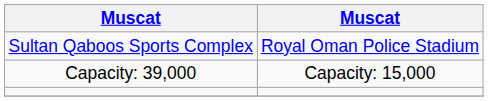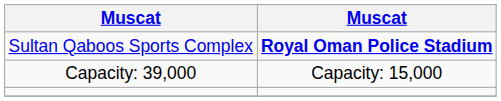 <table class="wikitable" style="text-align:center">
 <tr>
 <th><a href='#'>Muscat</a></th>
 <th><a href='#'>Muscat</a></th>
 </tr>
 <tr>
 <td><a href='#'>Sultan Qaboos Sports Complex</a></td>
-<td><a href='#'>Royal Oman Police Stadium</a></td>
+<td><strong><a href='#'>Royal Oman Police Stadium</a></strong></td>
 </tr>
 <tr>
 <td>Capacity: 39,000</td>
 <td>Capacity: 15,000</td>
 </tr>
 <tr>
 <td></td>
 <td></td>
 </tr>
 <tr>
 </tr>
 </table>
